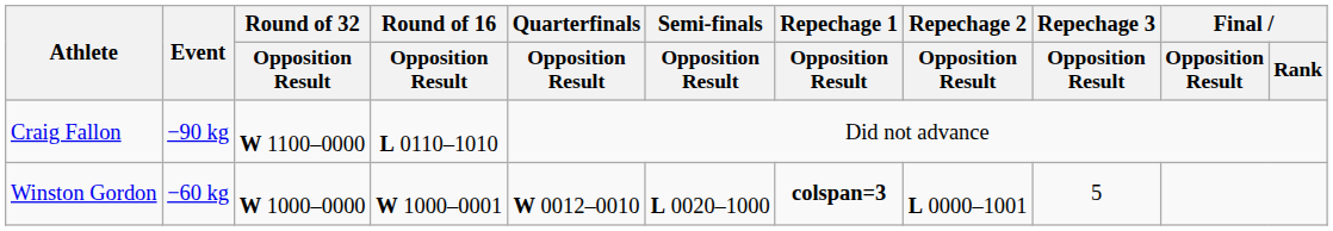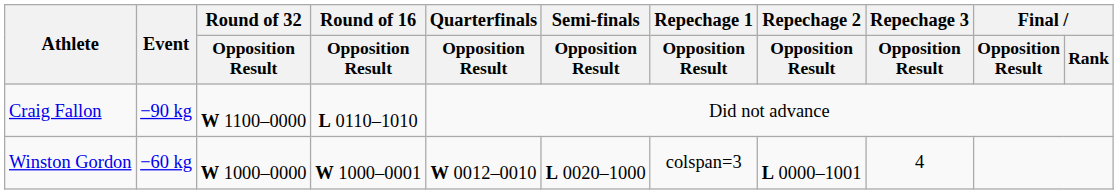 <table class="wikitable" style="font-size:90%">
 <tr>
 <th rowspan="2">Athlete</th>
 <th rowspan="2">Event</th>
 <th>Round of 32</th>
 <th>Round of 16</th>
 <th>Quarterfinals</th>
 <th>Semi-finals</th>
 <th>Repechage 1</th>
 <th>Repechage 2</th>
 <th>Repechage 3</th>
 <th colspan=2>Final / </th>
 </tr>
 <tr style="font-size:95%">
 <th>Opposition<br>Result</th>
 <th>Opposition<br>Result</th>
 <th>Opposition<br>Result</th>
 <th>Opposition<br>Result</th>
 <th>Opposition<br>Result</th>
 <th>Opposition<br>Result</th>
 <th>Opposition<br>Result</th>
 <th>Opposition<br>Result</th>
 <th>Rank</th>
 </tr>
 <tr align=center>
 <td align=left><a href='#'>Craig Fallon</a></td>
 <td align=left><a href='#'>−90 kg</a></td>
 <td><br><strong>W</strong> 1100–0000</td>
 <td><br><strong>L</strong> 0110–1010</td>
 <td colspan=7>Did not advance</td>
 </tr>
 <tr align=center>
 <td align=left><a href='#'>Winston Gordon</a></td>
 <td align=left><a href='#'>−60 kg</a></td>
 <td><br><strong>W</strong> 1000–0000</td>
 <td><br><strong>W</strong> 1000–0001</td>
 <td><br><strong>W</strong> 0012–0010</td>
 <td><br><strong>L</strong> 0020–1000</td>
-<td><strong>colspan=3 </strong></td>
+<td>colspan=3 </td>
 <td><br><strong>L</strong> 0000–1001</td>
-<td>5</td>
+<td>4</td>
 </tr>
 </table>
